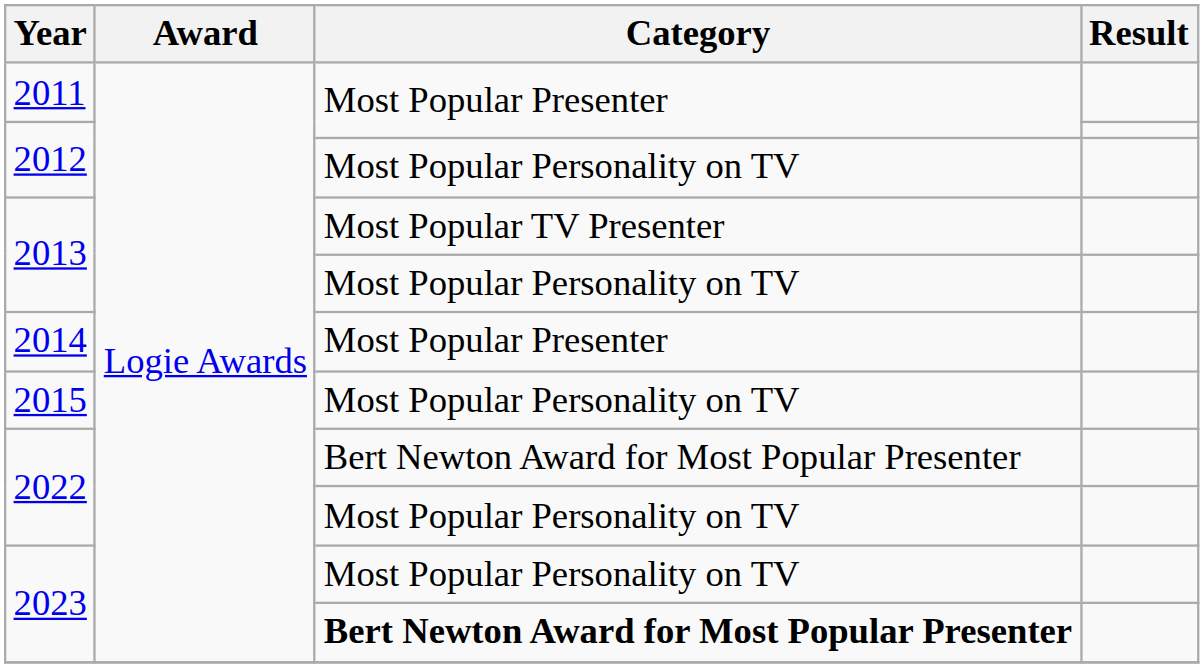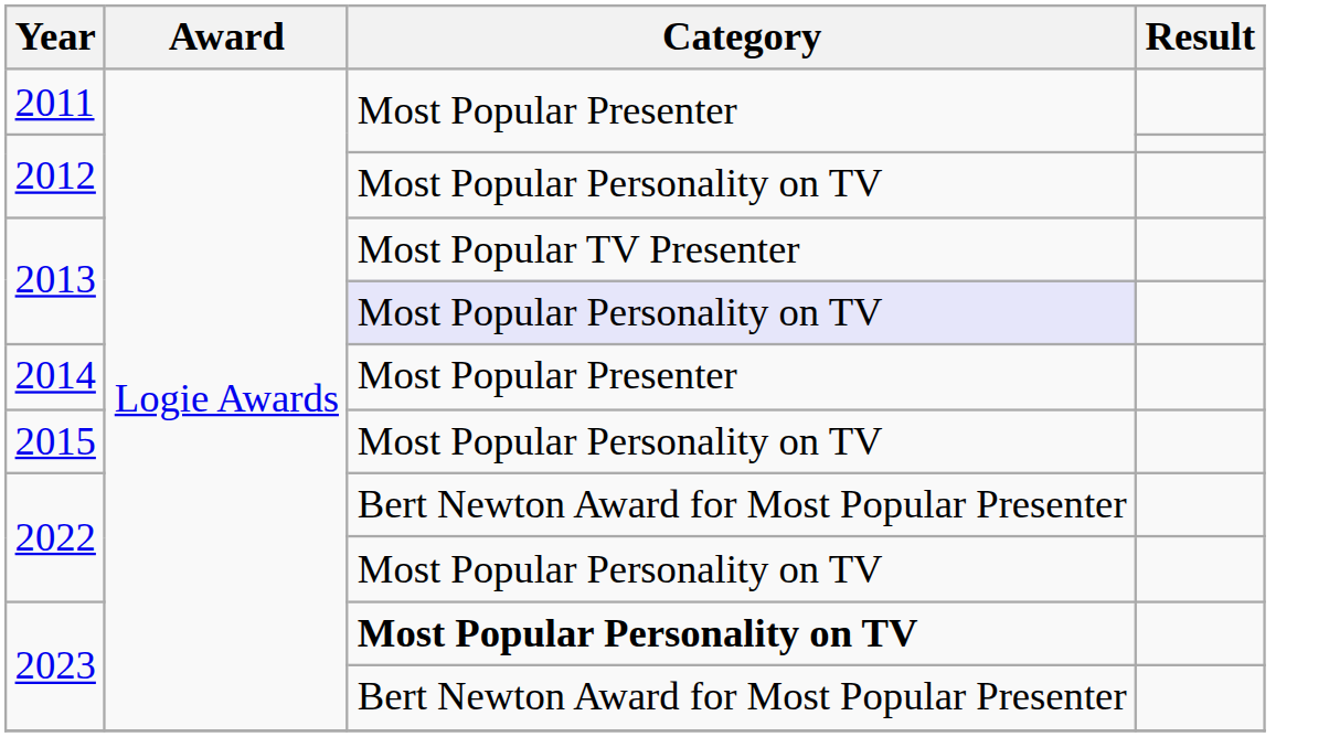 <table class="wikitable">
 <tr>
 <th>Year</th>
 <th>Award</th>
 <th>Category</th>
 <th>Result</th>
 </tr>
 <tr>
 <td><a href='#'>2011</a></td>
 <td rowspan="11"><a href='#'>Logie Awards</a></td>
 <td rowspan="2">Most Popular Presenter</td>
 <td></td>
 </tr>
 <tr>
 <td rowspan="2"><a href='#'>2012</a></td>
 <td></td>
 </tr>
 <tr>
 <td>Most Popular Personality on TV</td>
 <td></td>
 </tr>
 <tr>
 <td rowspan="2"><a href='#'>2013</a></td>
 <td>Most Popular TV Presenter</td>
 <td></td>
 </tr>
 <tr>
-<td>Most Popular Personality on TV</td>
+<td style="background: lavender;">Most Popular Personality on TV</td>
 <td></td>
 </tr>
 <tr>
 <td><a href='#'>2014</a></td>
 <td>Most Popular Presenter</td>
 <td></td>
 </tr>
 <tr>
 <td><a href='#'>2015</a></td>
 <td>Most Popular Personality on TV</td>
 <td></td>
 </tr>
 <tr>
 <td rowspan="2"><a href='#'>2022</a></td>
 <td>Bert Newton Award for Most Popular Presenter</td>
 <td></td>
 </tr>
 <tr>
 <td>Most Popular Personality on TV</td>
 <td></td>
 </tr>
 <tr>
 <td rowspan=2><a href='#'>2023</a></td>
-<td>Most Popular Personality on TV</td>
+<td><strong>Most Popular Personality on TV</strong></td>
 <td></td>
 </tr>
 <tr>
-<td><strong>Bert Newton Award for Most Popular Presenter</strong></td>
+<td>Bert Newton Award for Most Popular Presenter</td>
 <td></td>
 </tr>
 <tr>
 </tr>
 </table>
